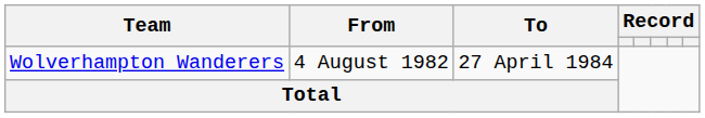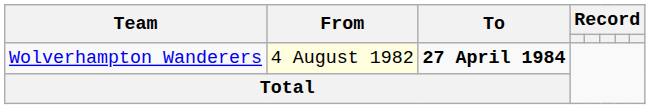 <table class=wikitable style="text-align: center">
 <tr>
 <th rowspan=2>Team</th>
 <th rowspan=2>From</th>
 <th rowspan=2>To</th>
 <th colspan=5>Record</th>
 </tr>
 <tr>
 <th></th>
 <th></th>
 <th></th>
 <th></th>
 <th></th>
 </tr>
 <tr>
 <td align=left><a href='#'>Wolverhampton Wanderers</a></td>
-<td align=left>4 August 1982</td>
-<td align=left>27 April 1984<br></td>
+<td align=left style="background: lightyellow;">4 August 1982</td>
+<td align=left><strong>27 April 1984<br></strong></td>
 </tr>
 <tr>
 <th colspan=3>Total<br></th>
 </tr>
 </table>
